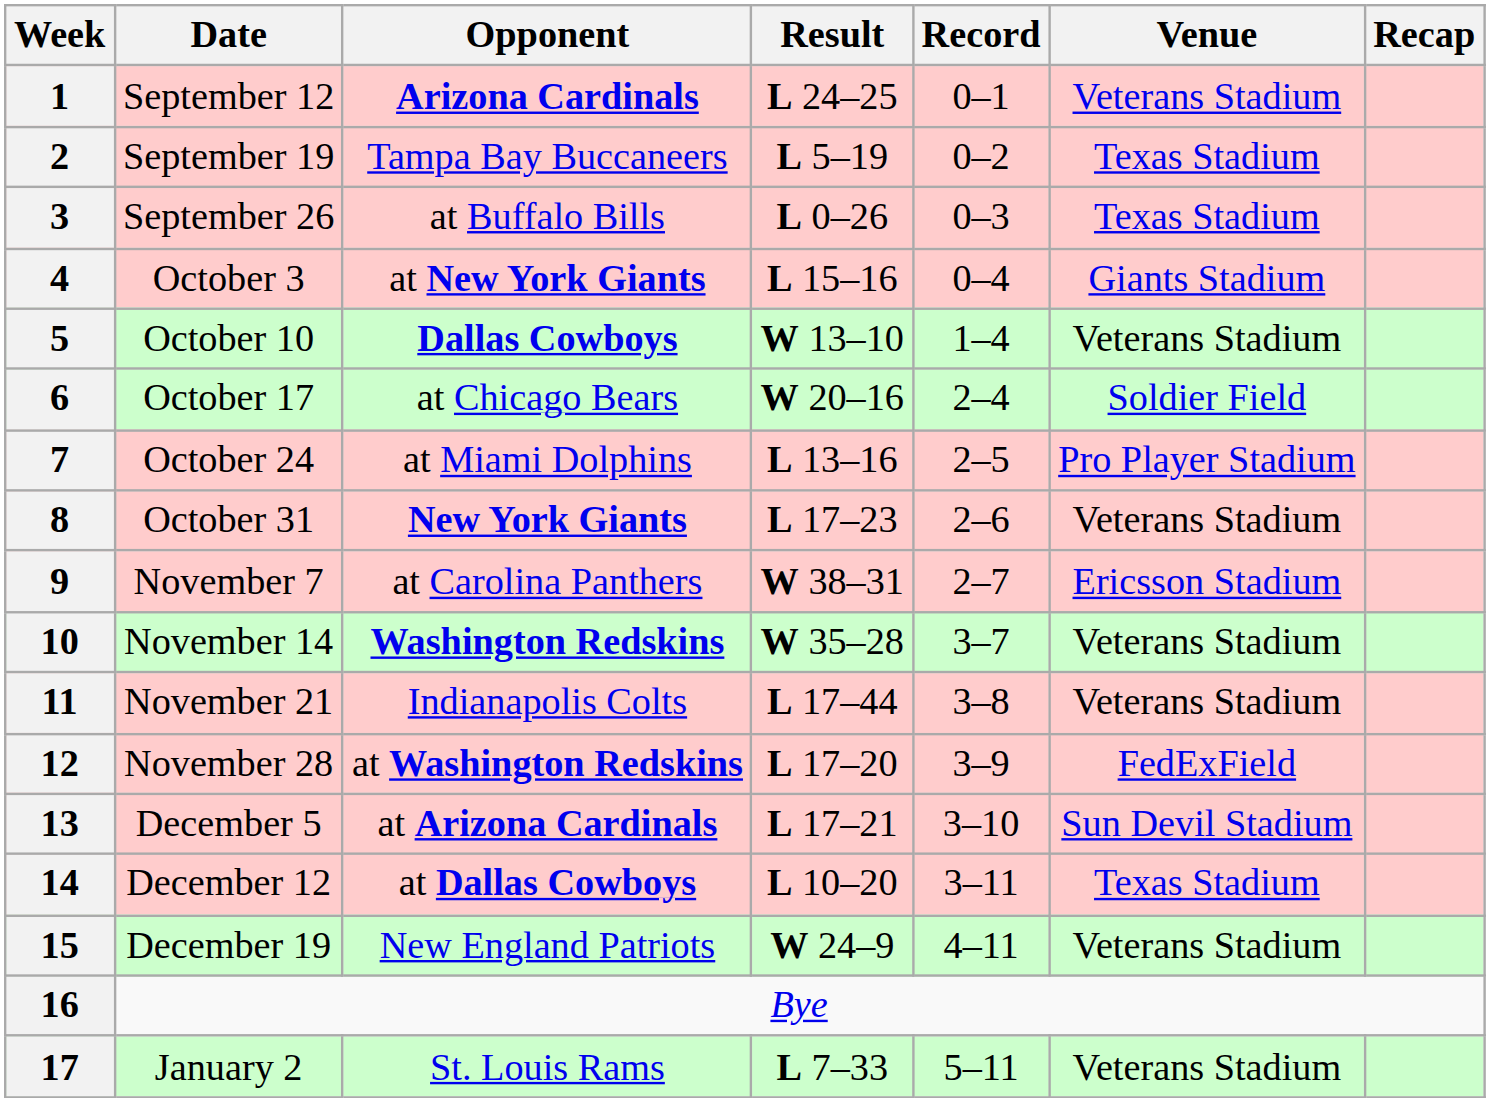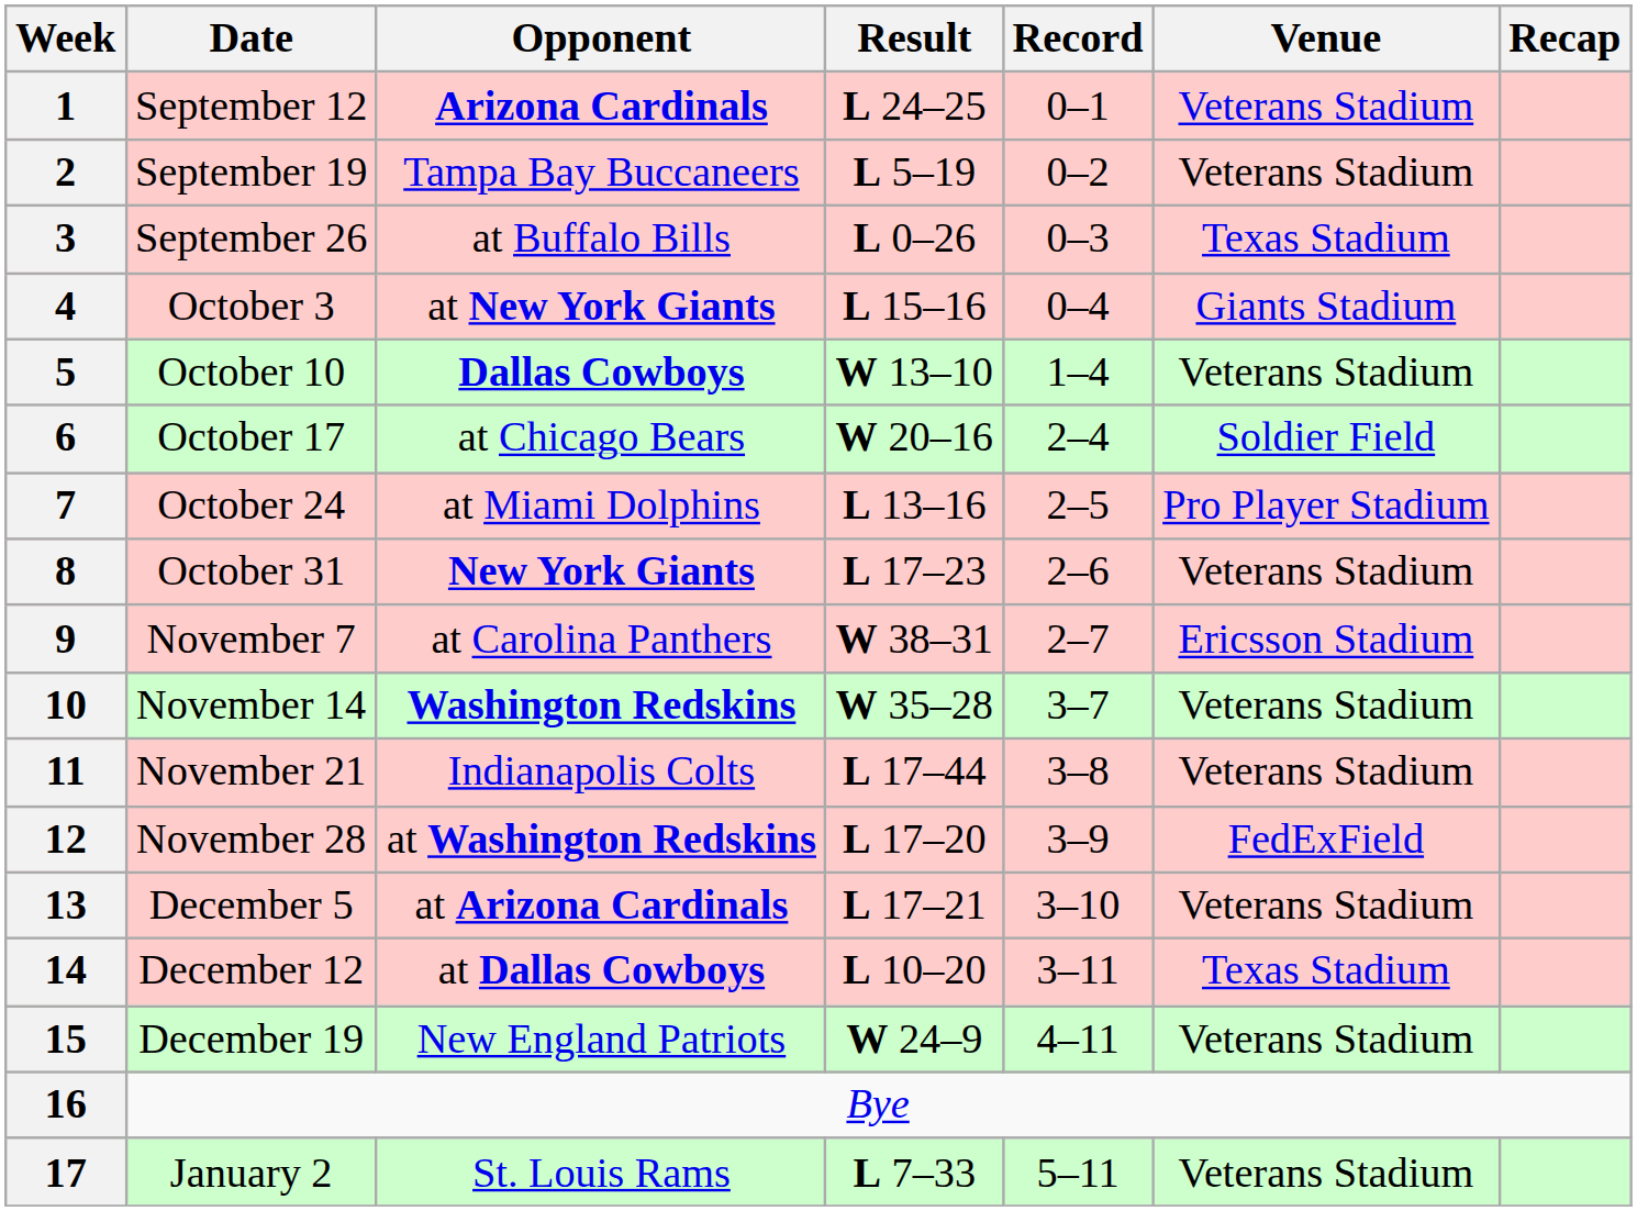 <table class="wikitable" style="text-align:center">
 <tr>
 <th>Week</th>
 <th>Date</th>
 <th>Opponent</th>
 <th>Result</th>
 <th>Record</th>
 <th>Venue</th>
 <th>Recap</th>
 </tr>
 <tr style="background:#fcc">
 <th>1</th>
 <td>September 12</td>
 <td><strong><a href='#'>Arizona Cardinals</a></strong></td>
 <td><strong>L</strong> 24–25</td>
 <td>0–1</td>
 <td><a href='#'>Veterans Stadium</a></td>
 <td></td>
 </tr>
 <tr style="background:#fcc">
 <th>2</th>
 <td>September 19</td>
 <td><a href='#'>Tampa Bay Buccaneers</a></td>
 <td><strong>L</strong> 5–19</td>
 <td>0–2</td>
-<td><a href='#'>Texas Stadium</a></td>
+<td>Veterans Stadium</td>
 <td></td>
 </tr>
 <tr style="background:#fcc">
 <th>3</th>
 <td>September 26</td>
 <td>at <a href='#'>Buffalo Bills</a></td>
 <td><strong>L</strong> 0–26</td>
 <td>0–3</td>
 <td><a href='#'>Texas Stadium</a></td>
 <td></td>
 </tr>
 <tr style="background:#fcc">
 <th>4</th>
 <td>October 3</td>
 <td>at <strong><a href='#'>New York Giants</a></strong></td>
 <td><strong>L</strong> 15–16</td>
 <td>0–4</td>
 <td><a href='#'>Giants Stadium</a></td>
 <td></td>
 </tr>
 <tr style="background:#cfc">
 <th>5</th>
 <td>October 10</td>
 <td><strong><a href='#'>Dallas Cowboys</a></strong></td>
 <td><strong>W</strong> 13–10</td>
 <td>1–4</td>
 <td>Veterans Stadium</td>
 <td></td>
 </tr>
 <tr style="background:#cfc">
 <th>6</th>
 <td>October 17</td>
 <td>at <a href='#'>Chicago Bears</a></td>
 <td><strong>W</strong> 20–16</td>
 <td>2–4</td>
 <td><a href='#'>Soldier Field</a></td>
 <td></td>
 </tr>
 <tr style="background:#fcc">
 <th>7</th>
 <td>October 24</td>
 <td>at <a href='#'>Miami Dolphins</a></td>
 <td><strong>L</strong> 13–16</td>
 <td>2–5</td>
 <td><a href='#'>Pro Player Stadium</a></td>
 <td></td>
 </tr>
 <tr style="background:#fcc">
 <th>8</th>
 <td>October 31</td>
 <td><strong><a href='#'>New York Giants</a></strong></td>
 <td><strong>L</strong> 17–23 </td>
 <td>2–6</td>
 <td>Veterans Stadium</td>
 <td></td>
 </tr>
 <tr style="background:#fcc">
 <th>9</th>
 <td>November 7</td>
 <td>at <a href='#'>Carolina Panthers</a></td>
 <td><strong>W</strong> 38–31</td>
 <td>2–7</td>
 <td><a href='#'>Ericsson Stadium</a></td>
 <td></td>
 </tr>
 <tr style="background:#cfc">
 <th>10</th>
 <td>November 14</td>
 <td><strong><a href='#'>Washington Redskins</a></strong></td>
 <td><strong>W</strong> 35–28</td>
 <td>3–7</td>
 <td>Veterans Stadium</td>
 <td></td>
 </tr>
 <tr style="background:#fcc">
 <th>11</th>
 <td>November 21</td>
 <td><a href='#'>Indianapolis Colts</a></td>
 <td><strong>L</strong> 17–44</td>
 <td>3–8</td>
 <td>Veterans Stadium</td>
 <td></td>
 </tr>
 <tr style="background:#fcc">
 <th>12</th>
 <td>November 28</td>
 <td>at <strong><a href='#'>Washington Redskins</a></strong></td>
 <td><strong>L</strong> 17–20 </td>
 <td>3–9</td>
 <td><a href='#'>FedExField</a></td>
 <td></td>
 </tr>
 <tr style="background:#fcc">
 <th>13</th>
 <td>December 5</td>
 <td>at <strong><a href='#'>Arizona Cardinals</a></strong></td>
 <td><strong>L</strong> 17–21</td>
 <td>3–10</td>
-<td><a href='#'>Sun Devil Stadium</a></td>
+<td>Veterans Stadium</td>
 <td></td>
 </tr>
 <tr style="background:#fcc">
 <th>14</th>
 <td>December 12</td>
 <td>at <strong><a href='#'>Dallas Cowboys</a></strong></td>
 <td><strong>L</strong> 10–20</td>
 <td>3–11</td>
 <td><a href='#'>Texas Stadium</a></td>
 <td></td>
 </tr>
 <tr style="background:#cfc">
 <th>15</th>
 <td>December 19</td>
 <td><a href='#'>New England Patriots</a></td>
 <td><strong>W</strong> 24–9</td>
 <td>4–11</td>
 <td>Veterans Stadium</td>
 <td></td>
 </tr>
 <tr>
 <th>16</th>
 <td colspan="6"><em><a href='#'>Bye</a></em></td>
 </tr>
 <tr style="background:#cfc">
 <th>17</th>
 <td>January 2</td>
 <td><a href='#'>St. Louis Rams</a></td>
 <td><strong>L</strong> 7–33</td>
 <td>5–11</td>
 <td>Veterans Stadium</td>
 <td></td>
 </tr>
 </table>
